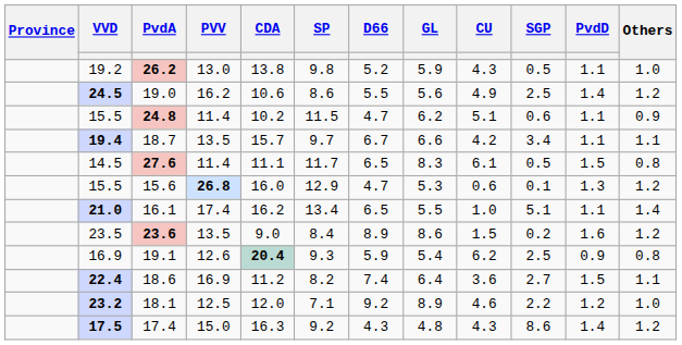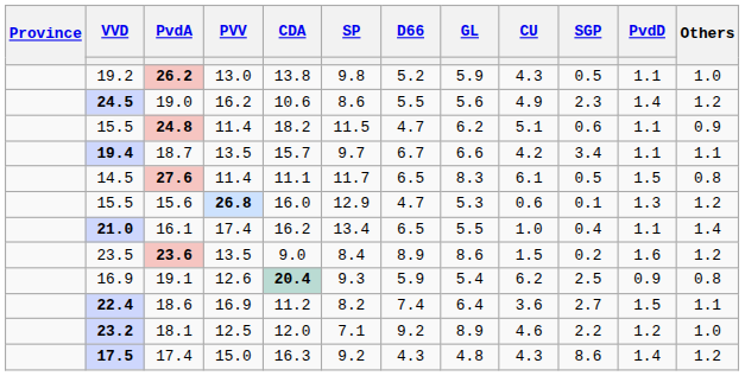 <table class="wikitable sortable" style="text-align:center;font-size:90%;line-height:14px">
 <tr style="height:40px;">
 <th rowspan="2"><a href='#'>Province</a></th>
 <th style="width:40px;"><a href='#'>VVD</a></th>
 <th style="width:40px;"><a href='#'>PvdA</a></th>
 <th style="width:40px;"><a href='#'>PVV</a></th>
 <th style="width:40px;"><a href='#'>CDA</a></th>
 <th style="width:40px;"><a href='#'>SP</a></th>
 <th style="width:40px;"><a href='#'>D66</a></th>
 <th style="width:40px;"><a href='#'>GL</a></th>
 <th style="width:40px;"><a href='#'>CU</a></th>
 <th style="width:40px;"><a href='#'>SGP</a></th>
 <th style="width:40px;"><a href='#'>PvdD</a></th>
 <th style="width:40px;" rowspan="2">Others</th>
 </tr>
 <tr>
 <th style="background:"></th>
 <th style="background:"></th>
 <th style="background:"></th>
 <th style="background:"></th>
 <th style="background:"></th>
 <th style="background:"></th>
 <th style="background:"></th>
 <th style="background:"></th>
 <th style="background:"></th>
 <th style="background:"></th>
 </tr>
 <tr>
 <td align="left"></td>
 <td>19.2</td>
 <td style="background:#F6C5C1;"><strong>26.2</strong></td>
 <td>13.0</td>
 <td>13.8</td>
 <td>9.8</td>
 <td>5.2</td>
 <td>5.9</td>
 <td>4.3</td>
 <td>0.5</td>
 <td>1.1</td>
 <td>1.0</td>
 </tr>
 <tr>
 <td align="left"></td>
 <td style="background:#CED7FD;"><strong>24.5</strong></td>
 <td>19.0</td>
 <td>16.2</td>
 <td>10.6</td>
 <td>8.6</td>
 <td>5.5</td>
 <td>5.6</td>
 <td>4.9</td>
-<td>2.5</td>
+<td>2.3</td>
 <td>1.4</td>
 <td>1.2</td>
 </tr>
 <tr>
 <td align="left"></td>
 <td>15.5</td>
 <td style="background:#F6C5C1;"><strong>24.8</strong></td>
 <td>11.4</td>
-<td>10.2</td>
+<td>18.2</td>
 <td>11.5</td>
 <td>4.7</td>
 <td>6.2</td>
 <td>5.1</td>
 <td>0.6</td>
 <td>1.1</td>
 <td>0.9</td>
 </tr>
 <tr>
 <td align="left"></td>
 <td style="background:#CED7FD;"><strong>19.4</strong></td>
 <td>18.7</td>
 <td>13.5</td>
 <td>15.7</td>
 <td>9.7</td>
 <td>6.7</td>
 <td>6.6</td>
 <td>4.2</td>
 <td>3.4</td>
 <td>1.1</td>
 <td>1.1</td>
 </tr>
 <tr>
 <td align="left"></td>
 <td>14.5</td>
 <td style="background:#F6C5C1;"><strong>27.6</strong></td>
 <td>11.4</td>
 <td>11.1</td>
 <td>11.7</td>
 <td>6.5</td>
 <td>8.3</td>
 <td>6.1</td>
 <td>0.5</td>
 <td>1.5</td>
 <td>0.8</td>
 </tr>
 <tr>
 <td align="left"></td>
 <td>15.5</td>
 <td>15.6</td>
 <td style="background:#CDE2FE;"><strong>26.8</strong></td>
 <td>16.0</td>
 <td>12.9</td>
 <td>4.7</td>
 <td>5.3</td>
 <td>0.6</td>
 <td>0.1</td>
 <td>1.3</td>
 <td>1.2</td>
 </tr>
 <tr>
 <td align="left"></td>
 <td style="background:#CED7FD;"><strong>21.0</strong></td>
 <td>16.1</td>
 <td>17.4</td>
 <td>16.2</td>
 <td>13.4</td>
 <td>6.5</td>
 <td>5.5</td>
 <td>1.0</td>
-<td>5.1</td>
+<td>0.4</td>
 <td>1.1</td>
 <td>1.4</td>
 </tr>
 <tr>
 <td align="left"></td>
 <td>23.5</td>
 <td style="background:#F6C5C1;"><strong>23.6</strong></td>
 <td>13.5</td>
 <td>9.0</td>
 <td>8.4</td>
 <td>8.9</td>
 <td>8.6</td>
 <td>1.5</td>
 <td>0.2</td>
 <td>1.6</td>
 <td>1.2</td>
 </tr>
 <tr>
 <td align="left"></td>
 <td>16.9</td>
 <td>19.1</td>
 <td>12.6</td>
 <td style="background:#BADBD3;"><strong>20.4</strong></td>
 <td>9.3</td>
 <td>5.9</td>
 <td>5.4</td>
 <td>6.2</td>
 <td>2.5</td>
 <td>0.9</td>
 <td>0.8</td>
 </tr>
 <tr>
 <td align="left"></td>
 <td style="background:#CED7FD;"><strong>22.4</strong></td>
 <td>18.6</td>
 <td>16.9</td>
 <td>11.2</td>
 <td>8.2</td>
 <td>7.4</td>
 <td>6.4</td>
 <td>3.6</td>
 <td>2.7</td>
 <td>1.5</td>
 <td>1.1</td>
 </tr>
 <tr>
 <td align="left"></td>
 <td style="background:#CED7FD;"><strong>23.2</strong></td>
 <td>18.1</td>
 <td>12.5</td>
 <td>12.0</td>
 <td>7.1</td>
 <td>9.2</td>
 <td>8.9</td>
 <td>4.6</td>
 <td>2.2</td>
 <td>1.2</td>
 <td>1.0</td>
 </tr>
 <tr>
 <td align="left"></td>
 <td style="background:#CED7FD;"><strong>17.5</strong></td>
 <td>17.4</td>
 <td>15.0</td>
 <td>16.3</td>
 <td>9.2</td>
 <td>4.3</td>
 <td>4.8</td>
 <td>4.3</td>
 <td>8.6</td>
 <td>1.4</td>
 <td>1.2</td>
 </tr>
 </table>
